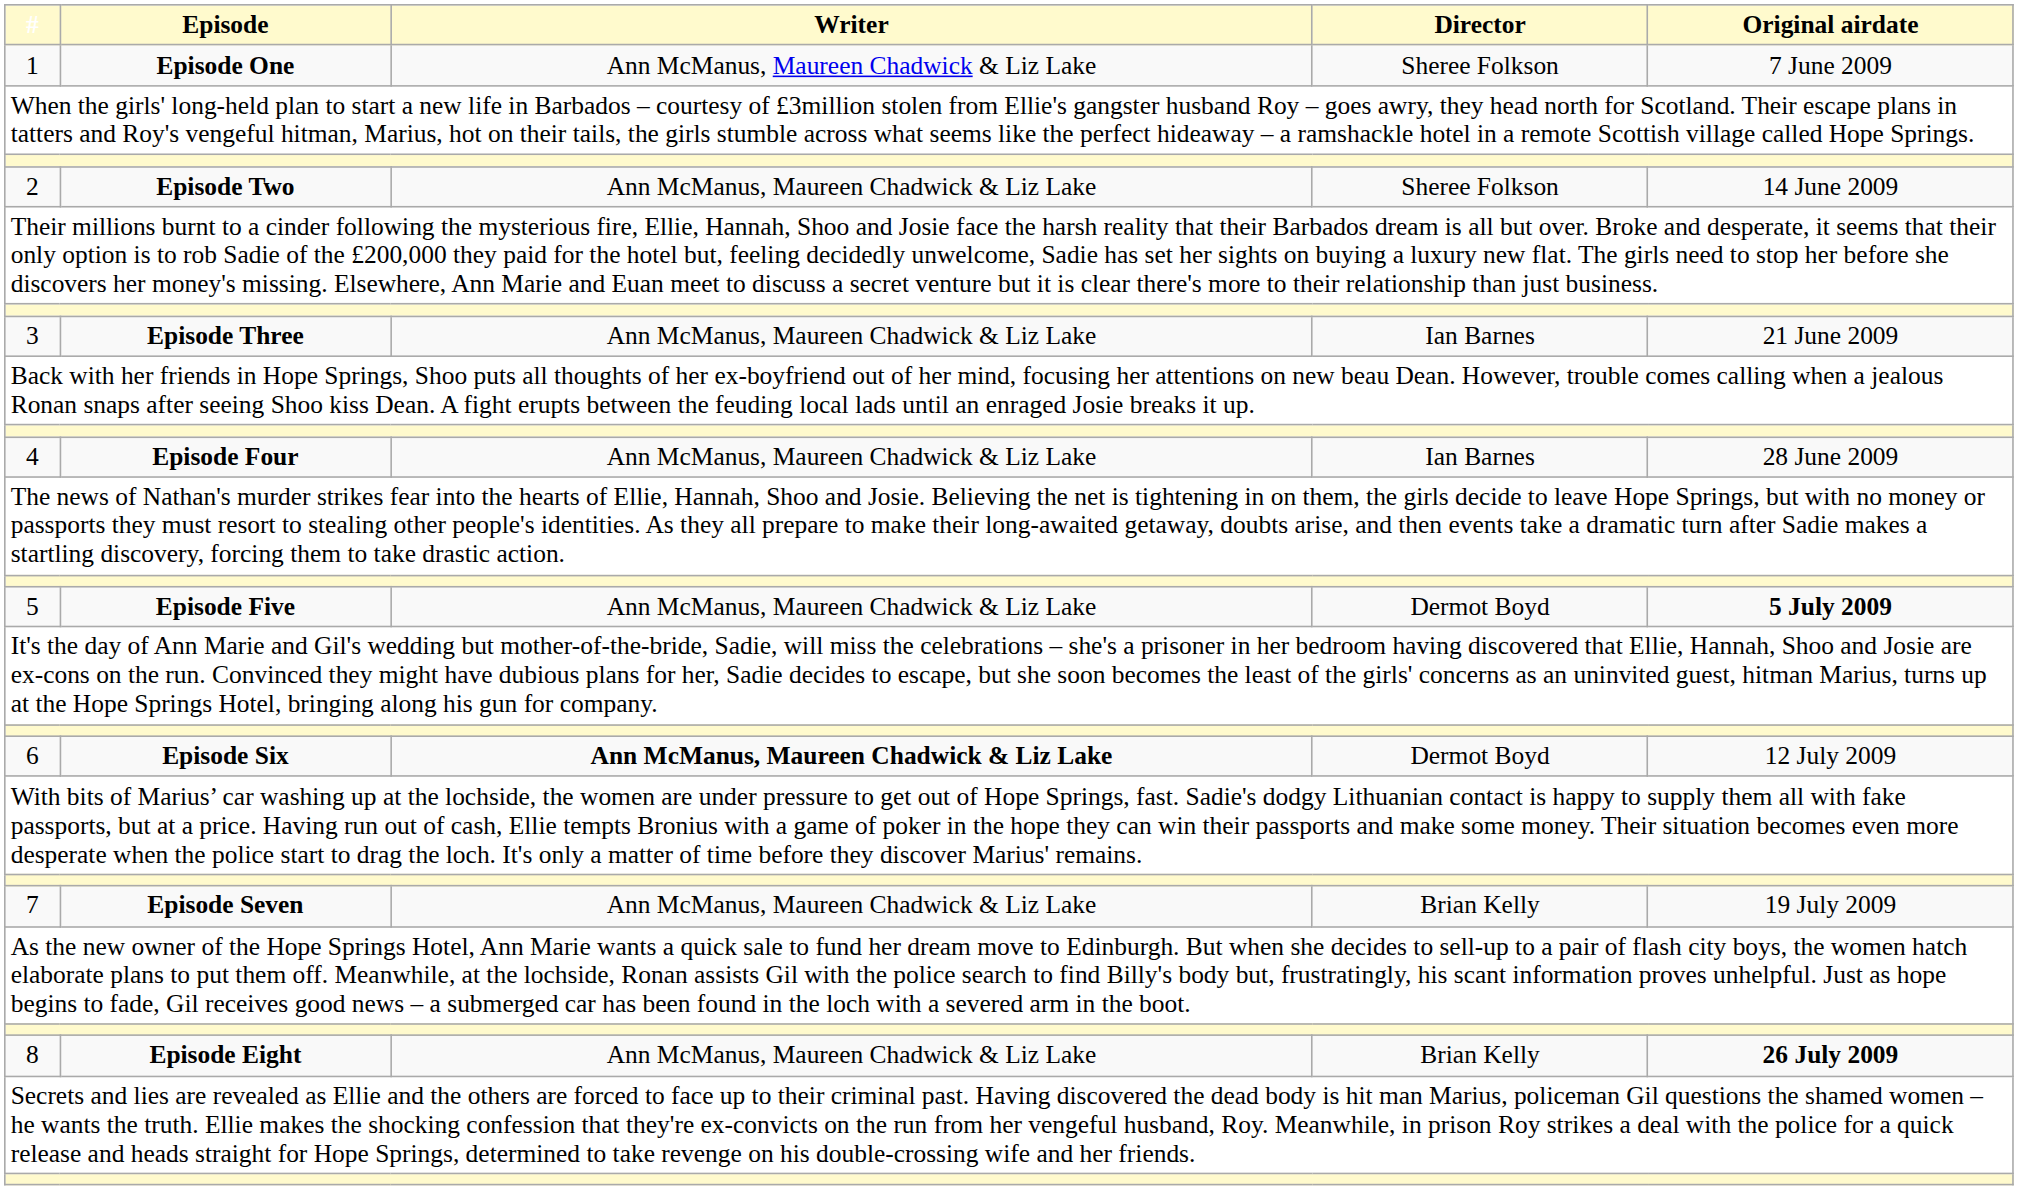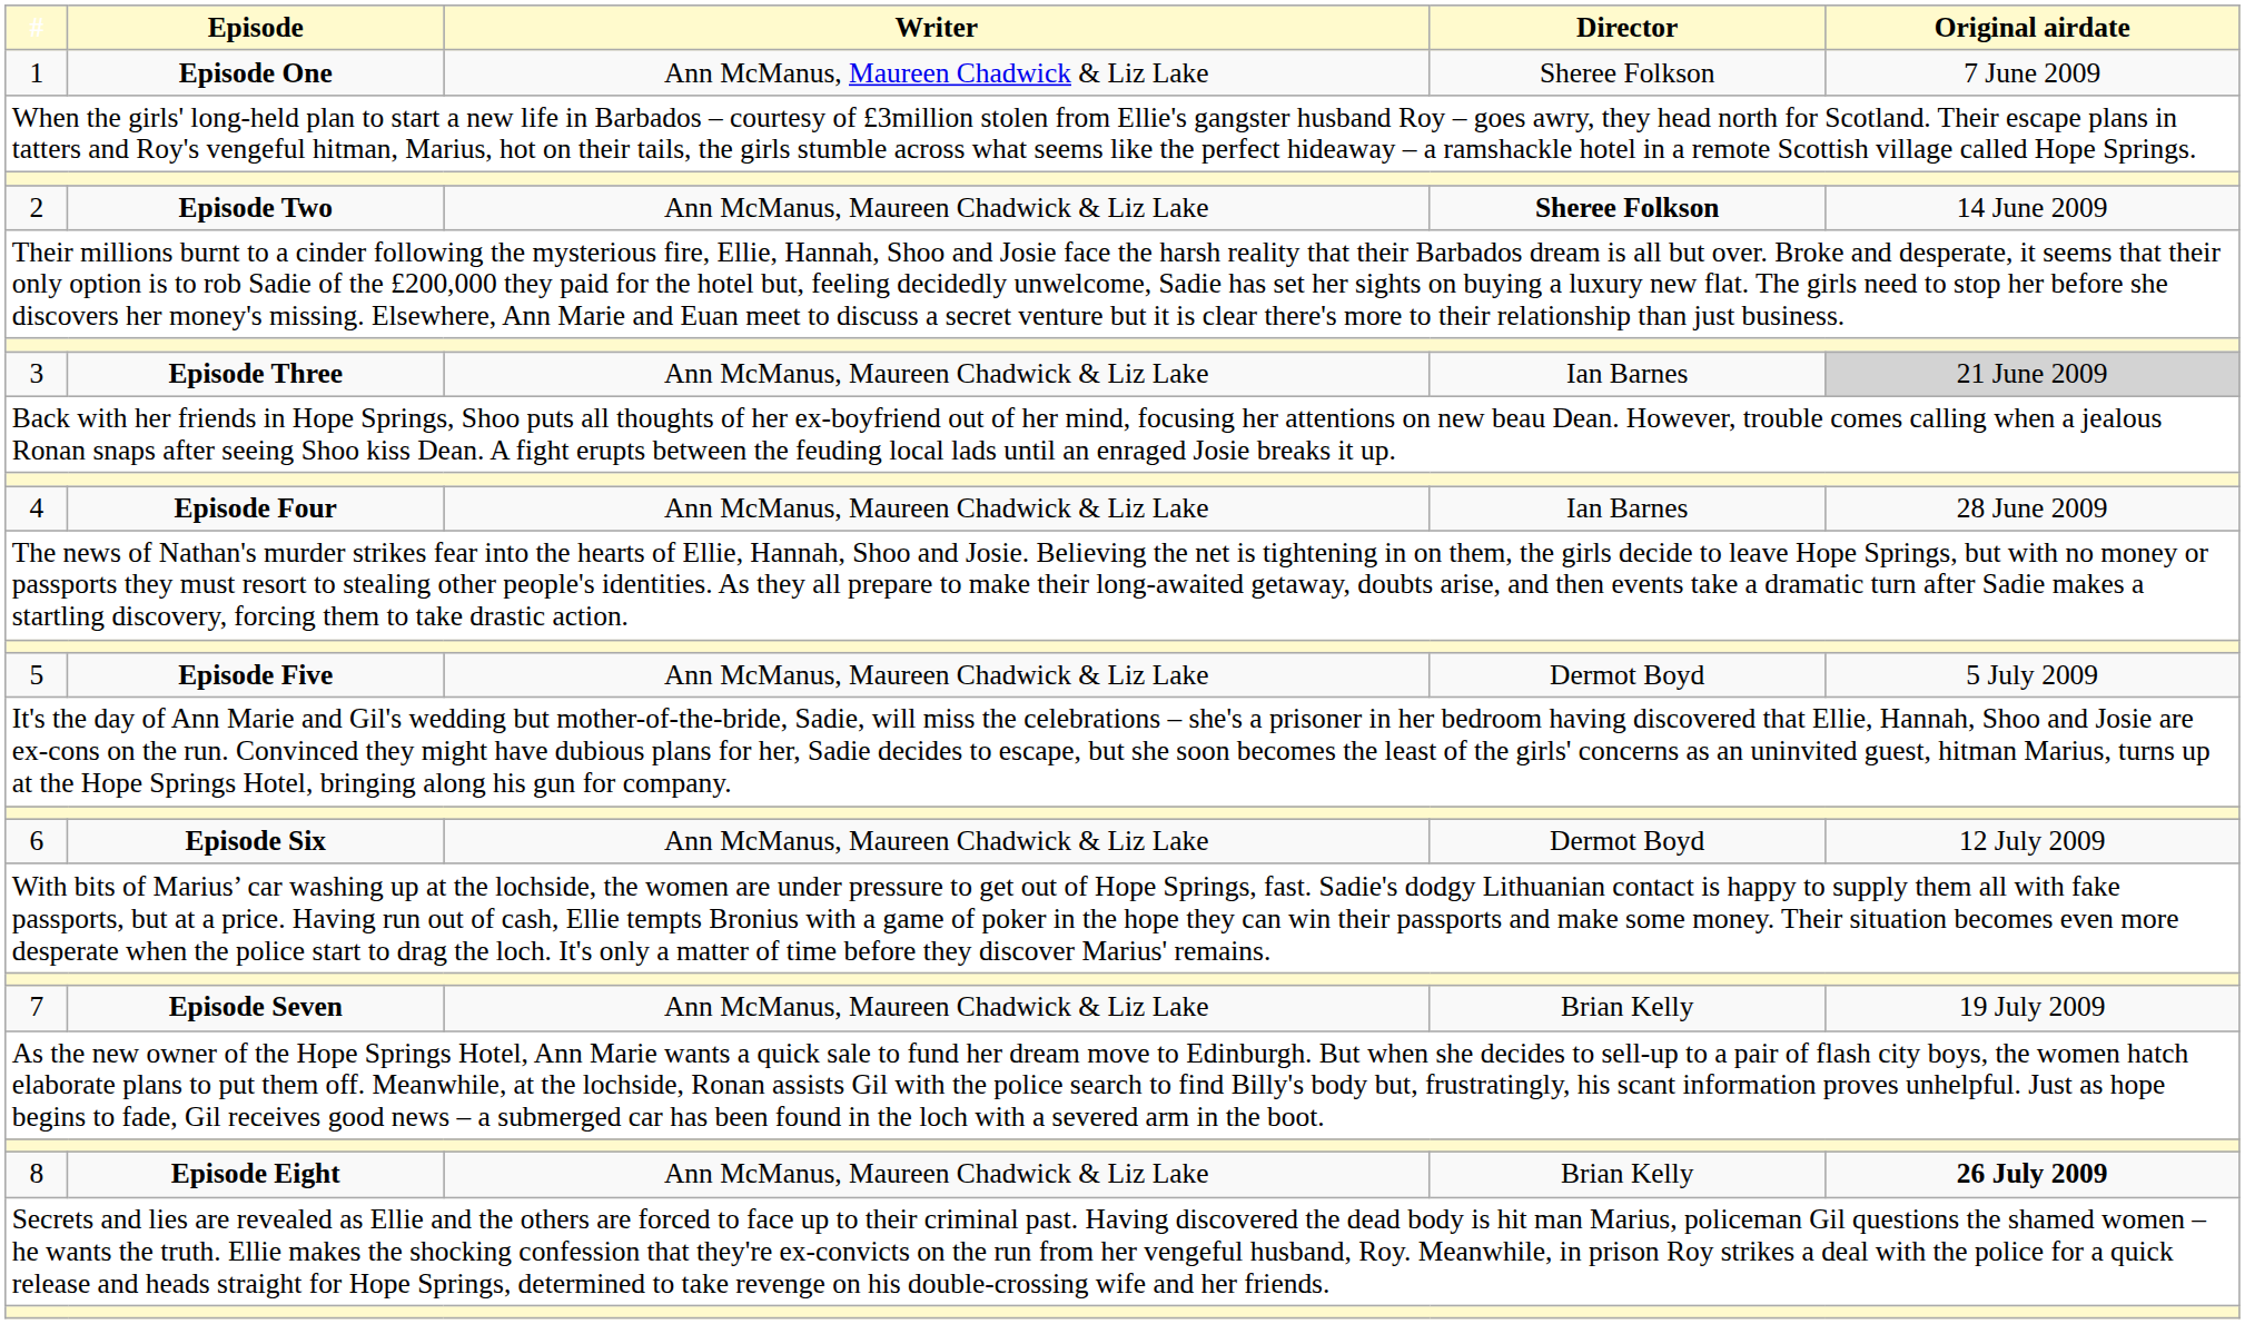 <table class="wikitable" style="width:100%;">
 <tr>
 <th style="background-color: #FFFACD; color:white">#</th>
 <th style="background: #FFFACD; color:black">Episode</th>
 <th style="background: #FFFACD; color:black">Writer</th>
 <th style="background: #FFFACD; color:black">Director</th>
 <th style="background: #FFFACD; color:black">Original airdate</th>
 </tr>
 <tr>
 <td align="center">1</td>
 <td align="center"><strong>Episode One</strong></td>
 <td align="center">Ann McManus, <a href='#'>Maureen Chadwick</a> & Liz Lake</td>
 <td align="center">Sheree Folkson</td>
 <td align="center">7 June 2009</td>
 </tr>
 <tr>
 <td style="background:white" colspan="6">When the girls' long-held plan to start a new life in Barbados – courtesy of £3million stolen from Ellie's gangster husband Roy – goes awry, they head north for Scotland. Their escape plans in tatters and Roy's vengeful hitman, Marius, hot on their tails, the girls stumble across what seems like the perfect hideaway – a ramshackle hotel in a remote Scottish village called Hope Springs.</td>
 </tr>
 <tr style="background:#FFFACD; height:2px">
 <td colspan="6"></td>
 </tr>
 <tr>
 <td align="center">2</td>
 <td align="center"><strong>Episode Two</strong></td>
 <td align="center">Ann McManus, Maureen Chadwick & Liz Lake</td>
-<td align="center">Sheree Folkson</td>
+<td align="center"><strong>Sheree Folkson</strong></td>
 <td align="center">14 June 2009</td>
 </tr>
 <tr>
 <td style="background:white" colspan="6">Their millions burnt to a cinder following the mysterious fire, Ellie, Hannah, Shoo and Josie face the harsh reality that their Barbados dream is all but over. Broke and desperate, it seems that their only option is to rob Sadie of the £200,000 they paid for the hotel but, feeling decidedly unwelcome, Sadie has set her sights on buying a luxury new flat. The girls need to stop her before she discovers her money's missing. Elsewhere, Ann Marie and Euan meet to discuss a secret venture but it is clear there's more to their relationship than just business.</td>
 </tr>
 <tr style="background:#FFFACD; height:2px">
 <td colspan="6"></td>
 </tr>
 <tr>
 <td align="center">3</td>
 <td align="center"><strong>Episode Three</strong></td>
 <td align="center">Ann McManus, Maureen Chadwick & Liz Lake</td>
 <td align="center">Ian Barnes</td>
-<td align="center">21 June 2009</td>
+<td align="center" style="background: lightgrey;">21 June 2009</td>
 </tr>
 <tr>
 <td style="background:white" colspan="6">Back with her friends in Hope Springs, Shoo puts all thoughts of her ex-boyfriend out of her mind, focusing her attentions on new beau Dean. However, trouble comes calling when a jealous Ronan snaps after seeing Shoo kiss Dean. A fight erupts between the feuding local lads until an enraged Josie breaks it up.</td>
 </tr>
 <tr style="background:#FFFACD; height:2px">
 <td colspan="6"></td>
 </tr>
 <tr>
 <td align="center">4</td>
 <td align="center"><strong>Episode Four</strong></td>
 <td align="center">Ann McManus, Maureen Chadwick & Liz Lake</td>
 <td align="center">Ian Barnes</td>
 <td align="center">28 June 2009</td>
 </tr>
 <tr>
 <td style="background:white" colspan="6">The news of Nathan's murder strikes fear into the hearts of Ellie, Hannah, Shoo and Josie. Believing the net is tightening in on them, the girls decide to leave Hope Springs, but with no money or passports they must resort to stealing other people's identities. As they all prepare to make their long-awaited getaway, doubts arise, and then events take a dramatic turn after Sadie makes a startling discovery, forcing them to take drastic action.</td>
 </tr>
 <tr style="background:#FFFACD; height:2px">
 <td colspan="6"></td>
 </tr>
 <tr>
 <td align="center">5</td>
 <td align="center"><strong>Episode Five</strong></td>
 <td align="center">Ann McManus, Maureen Chadwick & Liz Lake</td>
 <td align="center">Dermot Boyd</td>
-<td align="center"><strong>5 July 2009</strong></td>
+<td align="center">5 July 2009</td>
 </tr>
 <tr>
 <td style="background:white" colspan="6">It's the day of Ann Marie and Gil's wedding but mother-of-the-bride, Sadie, will miss the celebrations – she's a prisoner in her bedroom having discovered that Ellie, Hannah, Shoo and Josie are ex-cons on the run. Convinced they might have dubious plans for her, Sadie decides to escape, but she soon becomes the least of the girls' concerns as an uninvited guest, hitman Marius, turns up at the Hope Springs Hotel, bringing along his gun for company.</td>
 </tr>
 <tr style="background:#FFFACD; height:2px">
 <td colspan="6"></td>
 </tr>
 <tr>
 <td align="center">6</td>
 <td align="center"><strong>Episode Six</strong></td>
-<td align="center"><strong>Ann McManus, Maureen Chadwick & Liz Lake</strong></td>
+<td align="center">Ann McManus, Maureen Chadwick & Liz Lake</td>
 <td align="center">Dermot Boyd</td>
 <td align="center">12 July 2009</td>
 </tr>
 <tr>
 <td style="background:white" colspan="6">With bits of Marius’ car washing up at the lochside, the women are under pressure to get out of Hope Springs, fast. Sadie's dodgy Lithuanian contact is happy to supply them all with fake passports, but at a price. Having run out of cash, Ellie tempts Bronius with a game of poker in the hope they can win their passports and make some money. Their situation becomes even more desperate when the police start to drag the loch. It's only a matter of time before they discover Marius' remains.</td>
 </tr>
 <tr style="background:#FFFACD; height:2px">
 <td colspan="6"></td>
 </tr>
 <tr>
 <td align="center">7</td>
 <td align="center"><strong>Episode Seven</strong></td>
 <td align="center">Ann McManus, Maureen Chadwick & Liz Lake</td>
 <td align="center">Brian Kelly</td>
 <td align="center">19 July 2009</td>
 </tr>
 <tr>
 <td style="background:white" colspan="6">As the new owner of the Hope Springs Hotel, Ann Marie wants a quick sale to fund her dream move to Edinburgh. But when she decides to sell-up to a pair of flash city boys, the women hatch elaborate plans to put them off. Meanwhile, at the lochside, Ronan assists Gil with the police search to find Billy's body but, frustratingly, his scant information proves unhelpful. Just as hope begins to fade, Gil receives good news – a submerged car has been found in the loch with a severed arm in the boot.</td>
 </tr>
 <tr style="background:#FFFACD;; height:2px">
 <td colspan="6"></td>
 </tr>
 <tr>
 <td align="center">8</td>
 <td align="center"><strong>Episode Eight</strong></td>
 <td align="center">Ann McManus, Maureen Chadwick & Liz Lake</td>
 <td align="center">Brian Kelly</td>
 <td align="center"><strong>26 July 2009</strong></td>
 </tr>
 <tr>
 <td style="background:white" colspan="6">Secrets and lies are revealed as Ellie and the others are forced to face up to their criminal past. Having discovered the dead body is hit man Marius, policeman Gil questions the shamed women – he wants the truth. Ellie makes the shocking confession that they're ex-convicts on the run from her vengeful husband, Roy. Meanwhile, in prison Roy strikes a deal with the police for a quick release and heads straight for Hope Springs, determined to take revenge on his double-crossing wife and her friends.</td>
 </tr>
 <tr style="background:#FFFACD; height:2px">
 <td colspan="6"></td>
 </tr>
 </table>
